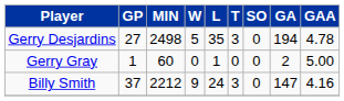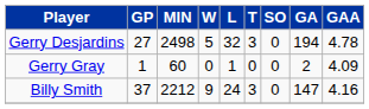 <table class="wikitable sortable">
 <tr>
 <th style="color:white; background:#0033a0; ">Player</th>
 <th style="color:white; background:#0033a0; ">GP</th>
 <th style="color:white; background:#0033a0; ">MIN</th>
 <th style="color:white; background:#0033a0; ">W</th>
 <th style="color:white; background:#0033a0; ">L</th>
 <th style="color:white; background:#0033a0; ">T</th>
 <th style="color:white; background:#0033a0; ">SO</th>
 <th style="color:white; background:#0033a0; ">GA</th>
 <th style="color:white; background:#0033a0; ">GAA</th>
 </tr>
 <tr align="center">
 <td><a href='#'>Gerry Desjardins</a></td>
 <td>27</td>
 <td>2498</td>
 <td>5</td>
-<td>35</td>
+<td>32</td>
 <td>3</td>
 <td>0</td>
 <td>194</td>
 <td>4.78</td>
 </tr>
 <tr align="center">
 <td><a href='#'>Gerry Gray</a></td>
 <td>1</td>
 <td>60</td>
 <td>0</td>
 <td>1</td>
 <td>0</td>
 <td>0</td>
 <td>2</td>
-<td>5.00</td>
+<td>4.09</td>
 </tr>
 <tr align="center">
 <td><a href='#'>Billy Smith</a></td>
 <td>37</td>
 <td>2212</td>
 <td>9</td>
 <td>24</td>
 <td>3</td>
 <td>0</td>
 <td>147</td>
 <td>4.16</td>
 </tr>
 <tr align="center">
 </tr>
 </table>
